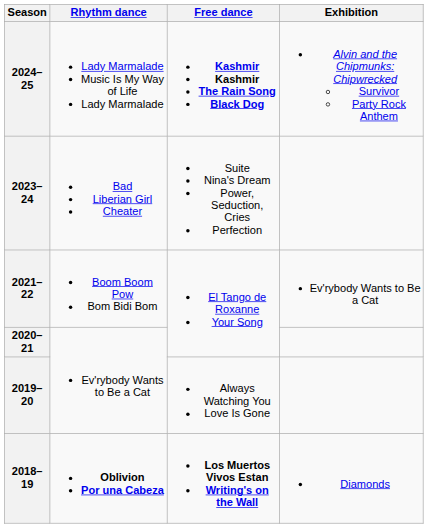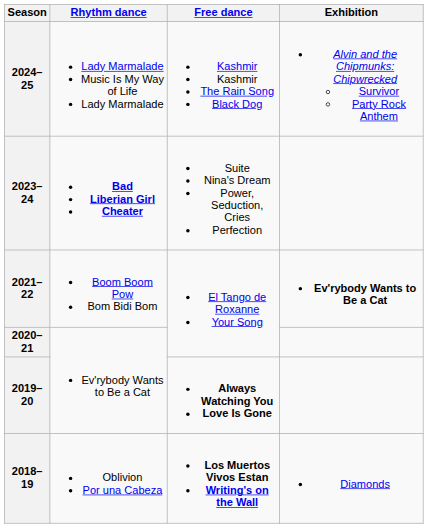 <table class=wikitable style=text-align:center>
 <tr>
 <th>Season</th>
 <th><a href='#'>Rhythm dance</a></th>
 <th><a href='#'>Free dance</a></th>
 <th>Exhibition</th>
 </tr>
 <tr>
 <th>2024–25 <br> </th>
 <td><br><ul><li><a href='#'>Lady Marmalade</a> <br> </li><li>Music Is My Way of Life <br> </li><li>Lady Marmalade <br> </li></ul></td>
-<td><strong><br><ul><li><a href='#'>Kashmir</a> <br> </li><li>Kashmir <br> </li><li><a href='#'>The Rain Song</a> <br> </li><li><a href='#'>Black Dog</a> <br> </li></ul></strong></td>
+<td><br><ul><li><a href='#'>Kashmir</a> <br> </li><li>Kashmir <br> </li><li><a href='#'>The Rain Song</a> <br> </li><li><a href='#'>Black Dog</a> <br> </li></ul></td>
 <td><br><ul><li><em><a href='#'>Alvin and the Chipmunks: Chipwrecked</a></em><ul><li><a href='#'>Survivor</a> <br> </li><li><a href='#'>Party Rock Anthem</a> <br> </li></ul></li></ul></td>
 </tr>
 <tr>
 <th>2023–24 <br> </th>
-<td><br><ul><li><a href='#'>Bad</a></li><li><a href='#'>Liberian Girl</a></li><li><a href='#'>Cheater</a> <br> </li></ul></td>
+<td><strong><br><ul><li><a href='#'>Bad</a></li><li><a href='#'>Liberian Girl</a></li><li><a href='#'>Cheater</a> <br> </li></ul></strong></td>
 <td><br><ul><li>Suite<br> </li><li>Nina's Dream</li><li>Power, Seduction, Cries</li><li>Perfection<br> </li></ul></td>
 <td></td>
 </tr>
 <tr>
 <th>2021–22 <br> </th>
 <td><br><ul><li><a href='#'>Boom Boom Pow</a> <br> </li><li>Bom Bidi Bom <br> </li></ul></td>
 <td rowspan="2"><br><ul><li><a href='#'>El Tango de Roxanne</a> <br> </li><li><a href='#'>Your Song</a> <br> </li></ul></td>
-<td><br><ul><li>Ev'rybody Wants to Be a Cat <br> </li></ul></td>
+<td><strong><br><ul><li>Ev'rybody Wants to Be a Cat <br> </li></ul></strong></td>
 </tr>
 <tr>
 <th>2020–21</th>
 <td rowspan="2"><br><ul><li>Ev'rybody Wants to Be a Cat <br> </li></ul></td>
 <td></td>
 </tr>
 <tr>
 <th>2019–20 <br> </th>
-<td><br><ul><li>Always Watching You</li><li>Love Is Gone <br> </li></ul></td>
+<td><strong><br><ul><li>Always Watching You</li><li>Love Is Gone <br> </li></ul></strong></td>
 <td></td>
 </tr>
 <tr>
 <th>2018–19 <br> </th>
-<td><strong><br><ul><li> Oblivion <br> </li><li> <a href='#'>Por una Cabeza</a> <br> </li></ul></strong></td>
+<td><br><ul><li> Oblivion <br> </li><li> <a href='#'>Por una Cabeza</a> <br> </li></ul></td>
 <td><strong><br><ul><li>Los Muertos Vivos Estan <br> </li><li><a href='#'>Writing's on the Wall</a> <br> </li></ul></strong></td>
 <td><br><ul><li><a href='#'>Diamonds</a> <br> </li></ul></td>
 </tr>
 </table>
